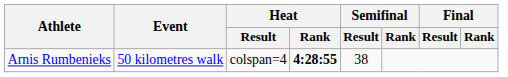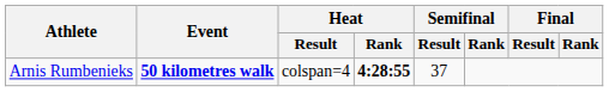 <table class="wikitable" style="font-size:90%">
 <tr>
 <th rowspan="2">Athlete</th>
 <th rowspan="2">Event</th>
 <th colspan="2">Heat</th>
 <th colspan="2">Semifinal</th>
 <th colspan="2">Final</th>
 </tr>
 <tr style="font-size:95%">
 <th>Result</th>
 <th>Rank</th>
 <th>Result</th>
 <th>Rank</th>
 <th>Result</th>
 <th>Rank</th>
 </tr>
 <tr style=text-align:center>
 <td style=text-align:left><a href='#'>Arnis Rumbenieks</a></td>
-<td style=text-align:left><a href='#'>50 kilometres walk</a></td>
+<td style=text-align:left><strong><a href='#'>50 kilometres walk</a></strong></td>
 <td>colspan=4 </td>
 <td><strong>4:28:55</strong></td>
-<td>38</td>
+<td>37</td>
 </tr>
 </table>
